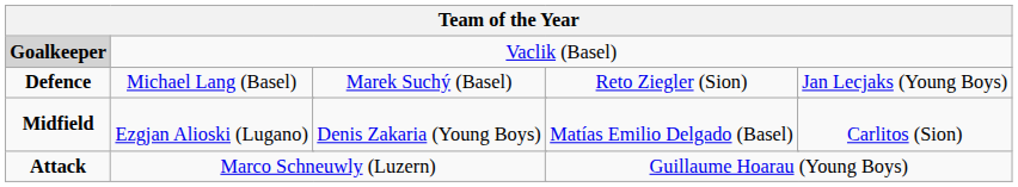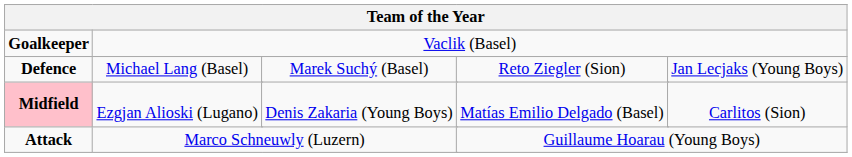 <table class="wikitable" style="text-align:center">
 <tr>
 <th colspan="13">Team of the Year</th>
 </tr>
 <tr>
-<td style="background: lightgrey;"><strong>Goalkeeper</strong></td>
+<td><strong>Goalkeeper</strong></td>
 <td colspan="12"> <a href='#'>Vaclik</a> (Basel)</td>
 </tr>
 <tr>
 <td><strong>Defence</strong></td>
 <td colspan="3"> <a href='#'>Michael Lang</a> (Basel)</td>
 <td colspan="3"> <a href='#'>Marek Suchý</a> (Basel)</td>
 <td colspan="3"> <a href='#'>Reto Ziegler</a> (Sion)</td>
 <td colspan="3"> <a href='#'>Jan Lecjaks</a> (Young Boys)</td>
 </tr>
 <tr>
-<td><strong>Midfield</strong></td>
+<td style="background: pink;"><strong>Midfield</strong></td>
 <td colspan="3"><br> <a href='#'>Ezgjan Alioski</a> (Lugano)</td>
 <td colspan="3"><br> <a href='#'>Denis Zakaria</a> (Young Boys)</td>
 <td colspan="3"><br> <a href='#'>Matías Emilio Delgado</a> (Basel)</td>
 <td colspan="3"><br> <a href='#'>Carlitos</a>  (Sion)</td>
 </tr>
 <tr>
 <td><strong>Attack</strong></td>
 <td colspan="6"> <a href='#'>Marco Schneuwly</a> (Luzern)</td>
 <td colspan="6"> <a href='#'>Guillaume Hoarau</a> (Young Boys)</td>
 </tr>
 </table>
